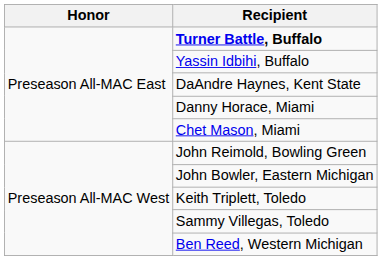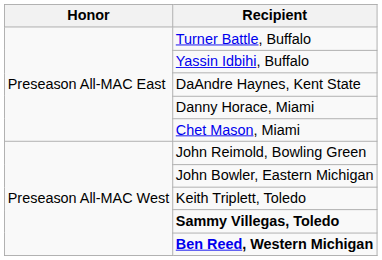 <table class="wikitable" border="1">
 <tr>
 <th>Honor</th>
 <th>Recipient</th>
 </tr>
 <tr>
 <td rowspan=5 valign=middle>Preseason All-MAC East</td>
-<td><strong><a href='#'>Turner Battle</a>, Buffalo</strong></td>
+<td><a href='#'>Turner Battle</a>, Buffalo</td>
 </tr>
 <tr>
 <td><a href='#'>Yassin Idbihi</a>, Buffalo</td>
 </tr>
 <tr>
 <td>DaAndre Haynes, Kent State</td>
 </tr>
 <tr>
 <td>Danny Horace, Miami</td>
 </tr>
 <tr>
 <td><a href='#'>Chet Mason</a>, Miami</td>
 </tr>
 <tr>
 <td rowspan=6 valign=middle>Preseason All-MAC West</td>
 <td>John Reimold, Bowling Green</td>
 </tr>
 <tr>
 <td>John Bowler, Eastern Michigan</td>
 </tr>
 <tr>
 <td>Keith Triplett, Toledo</td>
 </tr>
 <tr>
-<td>Sammy Villegas, Toledo</td>
+<td><strong>Sammy Villegas, Toledo</strong></td>
 </tr>
 <tr>
-<td><a href='#'>Ben Reed</a>, Western Michigan</td>
+<td><strong><a href='#'>Ben Reed</a>, Western Michigan</strong></td>
 </tr>
 </table>
